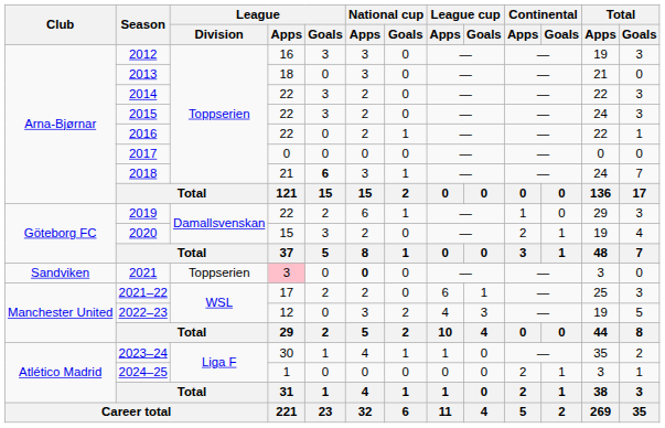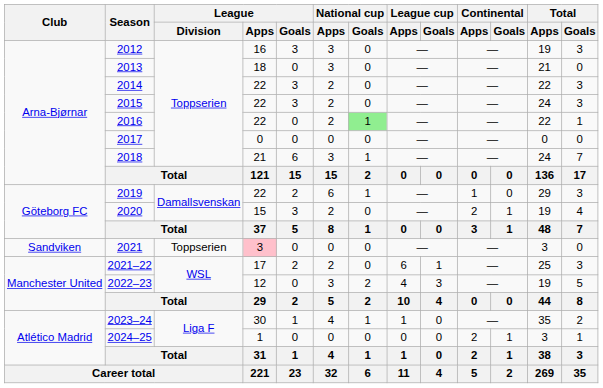 <table class="wikitable" style="text-align:center">
 <tr>
 <th rowspan="2">Club</th>
 <th rowspan="2">Season</th>
 <th colspan="3">League</th>
 <th colspan="2">National cup</th>
 <th colspan="2">League cup</th>
 <th colspan="2">Continental</th>
 <th colspan="2">Total</th>
 </tr>
 <tr>
 <th>Division</th>
 <th>Apps</th>
 <th>Goals</th>
 <th>Apps</th>
 <th>Goals</th>
 <th>Apps</th>
 <th>Goals</th>
 <th>Apps</th>
 <th>Goals</th>
 <th>Apps</th>
 <th>Goals</th>
 </tr>
 <tr>
 <td rowspan="8"><a href='#'>Arna-Bjørnar</a></td>
 <td><a href='#'>2012</a></td>
 <td rowspan="7"><a href='#'>Toppserien</a></td>
 <td>16</td>
 <td>3</td>
 <td>3</td>
 <td>0</td>
 <td colspan="2">—</td>
 <td colspan="2">—</td>
 <td>19</td>
 <td>3</td>
 </tr>
 <tr>
 <td><a href='#'>2013</a></td>
 <td>18</td>
 <td>0</td>
 <td>3</td>
 <td>0</td>
 <td colspan="2">—</td>
 <td colspan="2">—</td>
 <td>21</td>
 <td>0</td>
 </tr>
 <tr>
 <td><a href='#'>2014</a></td>
 <td>22</td>
 <td>3</td>
 <td>2</td>
 <td>0</td>
 <td colspan="2">—</td>
 <td colspan="2">—</td>
 <td>22</td>
 <td>3</td>
 </tr>
 <tr>
 <td><a href='#'>2015</a></td>
 <td>22</td>
 <td>3</td>
 <td>2</td>
 <td>0</td>
 <td colspan="2">—</td>
 <td colspan="2">—</td>
 <td>24</td>
 <td>3</td>
 </tr>
 <tr>
 <td><a href='#'>2016</a></td>
 <td>22</td>
 <td>0</td>
 <td>2</td>
-<td>1</td>
+<td style="background: lightgreen;">1</td>
 <td colspan="2">—</td>
 <td colspan="2">—</td>
 <td>22</td>
 <td>1</td>
 </tr>
 <tr>
 <td><a href='#'>2017</a></td>
 <td>0</td>
 <td>0</td>
 <td>0</td>
 <td>0</td>
 <td colspan="2">—</td>
 <td colspan="2">—</td>
 <td>0</td>
 <td>0</td>
 </tr>
 <tr>
 <td><a href='#'>2018</a></td>
 <td>21</td>
-<td><strong>6</strong></td>
+<td>6</td>
 <td>3</td>
 <td>1</td>
 <td colspan="2">—</td>
 <td colspan="2">—</td>
 <td>24</td>
 <td>7</td>
 </tr>
 <tr>
 <th colspan="2">Total</th>
 <th>121</th>
 <th>15</th>
 <th>15</th>
 <th>2</th>
 <th>0</th>
 <th>0</th>
 <th>0</th>
 <th>0</th>
 <th>136</th>
 <th>17</th>
 </tr>
 <tr>
 <td rowspan="3"><a href='#'>Göteborg FC</a></td>
 <td><a href='#'>2019</a></td>
 <td rowspan="2"><a href='#'>Damallsvenskan</a></td>
 <td>22</td>
 <td>2</td>
 <td>6</td>
 <td>1</td>
 <td colspan="2">—</td>
 <td>1</td>
 <td>0</td>
 <td>29</td>
 <td>3</td>
 </tr>
 <tr>
 <td><a href='#'>2020</a></td>
 <td>15</td>
 <td>3</td>
 <td>2</td>
 <td>0</td>
 <td colspan="2">—</td>
 <td>2</td>
 <td>1</td>
 <td>19</td>
 <td>4</td>
 </tr>
 <tr>
 <th colspan="2">Total</th>
 <th>37</th>
 <th>5</th>
 <th>8</th>
 <th>1</th>
 <th>0</th>
 <th>0</th>
 <th>3</th>
 <th>1</th>
 <th>48</th>
 <th>7</th>
 </tr>
 <tr>
 <td><a href='#'>Sandviken</a></td>
 <td><a href='#'>2021</a></td>
 <td>Toppserien</td>
 <td style="background: pink;">3</td>
 <td>0</td>
-<td><strong>0</strong></td>
+<td>0</td>
 <td>0</td>
 <td colspan="2">—</td>
 <td colspan="2">—</td>
 <td>3</td>
 <td>0</td>
 </tr>
 <tr>
 <td rowspan="3"><a href='#'>Manchester United</a></td>
 <td><a href='#'>2021–22</a></td>
 <td rowspan="2"><a href='#'>WSL</a></td>
 <td>17</td>
 <td>2</td>
 <td>2</td>
 <td>0</td>
 <td>6</td>
 <td>1</td>
 <td colspan="2">—</td>
 <td>25</td>
 <td>3</td>
 </tr>
 <tr>
 <td><a href='#'>2022–23</a></td>
 <td>12</td>
 <td>0</td>
 <td>3</td>
 <td>2</td>
 <td>4</td>
 <td>3</td>
 <td colspan="2">—</td>
 <td>19</td>
 <td>5</td>
 </tr>
 <tr>
 <th colspan="2">Total</th>
 <th>29</th>
 <th>2</th>
 <th>5</th>
 <th>2</th>
 <th>10</th>
 <th>4</th>
 <th>0</th>
 <th>0</th>
 <th>44</th>
 <th>8</th>
 </tr>
 <tr>
 <td rowspan="3"><a href='#'>Atlético Madrid</a></td>
 <td><a href='#'>2023–24</a></td>
 <td rowspan="2"><a href='#'>Liga F</a></td>
 <td>30</td>
 <td>1</td>
 <td>4</td>
 <td>1</td>
 <td>1</td>
 <td>0</td>
 <td colspan="2">—</td>
 <td>35</td>
 <td>2</td>
 </tr>
 <tr>
 <td><a href='#'>2024–25</a></td>
 <td>1</td>
 <td>0</td>
 <td>0</td>
 <td>0</td>
 <td>0</td>
 <td>0</td>
 <td>2</td>
 <td>1</td>
 <td>3</td>
 <td>1</td>
 </tr>
 <tr>
 <th colspan="2">Total</th>
 <th>31</th>
 <th>1</th>
 <th>4</th>
 <th>1</th>
 <th>1</th>
 <th>0</th>
 <th>2</th>
 <th>1</th>
 <th>38</th>
 <th>3</th>
 </tr>
 <tr>
 <th colspan="3">Career total</th>
 <th>221</th>
 <th>23</th>
 <th>32</th>
 <th>6</th>
 <th>11</th>
 <th>4</th>
 <th>5</th>
 <th>2</th>
 <th>269</th>
 <th>35</th>
 </tr>
 </table>
